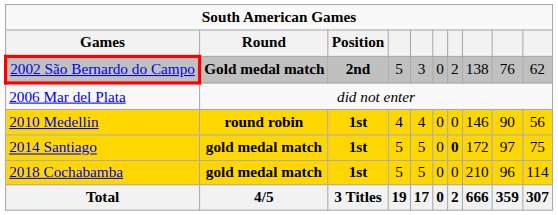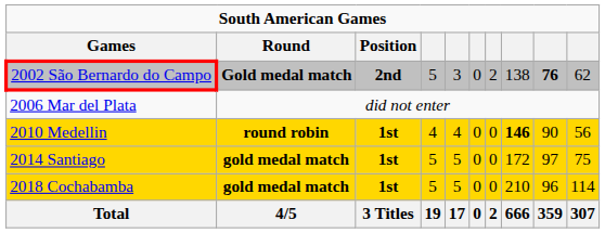 <table class="wikitable" style="text-align:center; font-size:90%;">
 <tr>
 <td colspan=10><strong>South American Games</strong></td>
 </tr>
 <tr>
 <th>Games</th>
 <th>Round</th>
 <th>Position</th>
 <th></th>
 <th></th>
 <th></th>
 <th></th>
 <th></th>
 <th></th>
 <th></th>
 </tr>
 <tr style="background:silver;">
 <td style="border: 3px solid red" align=left> <a href='#'>2002 São Bernardo do Campo</a></td>
 <td><strong>Gold medal match</strong></td>
 <td><strong>2nd</strong></td>
 <td>5</td>
 <td>3</td>
 <td>0</td>
 <td>2</td>
 <td>138</td>
-<td>76</td>
+<td><strong>76</strong></td>
 <td>62</td>
 </tr>
 <tr>
 <td align=left> <a href='#'>2006 Mar del Plata</a></td>
 <td colspan=9><em>did not enter</em></td>
 </tr>
 <tr style="background:gold;">
 <td align=left> <a href='#'>2010 Medellin</a></td>
 <td><strong>round robin</strong></td>
 <td><strong>1st</strong></td>
 <td>4</td>
 <td>4</td>
 <td>0</td>
 <td>0</td>
-<td>146</td>
+<td><strong>146</strong></td>
 <td>90</td>
 <td>56</td>
 </tr>
 <tr style="background:gold;">
 <td align=left> <a href='#'>2014 Santiago</a></td>
 <td><strong>gold medal match</strong></td>
 <td><strong>1st</strong></td>
 <td>5</td>
 <td>5</td>
 <td>0</td>
-<td><strong>0</strong></td>
+<td>0</td>
 <td>172</td>
 <td>97</td>
 <td>75</td>
 </tr>
 <tr style="background:gold;">
 <td align=left> <a href='#'>2018 Cochabamba</a></td>
 <td><strong>gold medal match</strong></td>
 <td><strong>1st</strong></td>
 <td>5</td>
 <td>5</td>
 <td>0</td>
 <td>0</td>
 <td>210</td>
 <td>96</td>
 <td>114</td>
 </tr>
 <tr>
 <th>Total</th>
 <th>4/5</th>
 <th>3 Titles</th>
 <th>19</th>
 <th>17</th>
 <th>0</th>
 <th>2</th>
 <th>666</th>
 <th>359</th>
 <th>307</th>
 </tr>
 </table>
